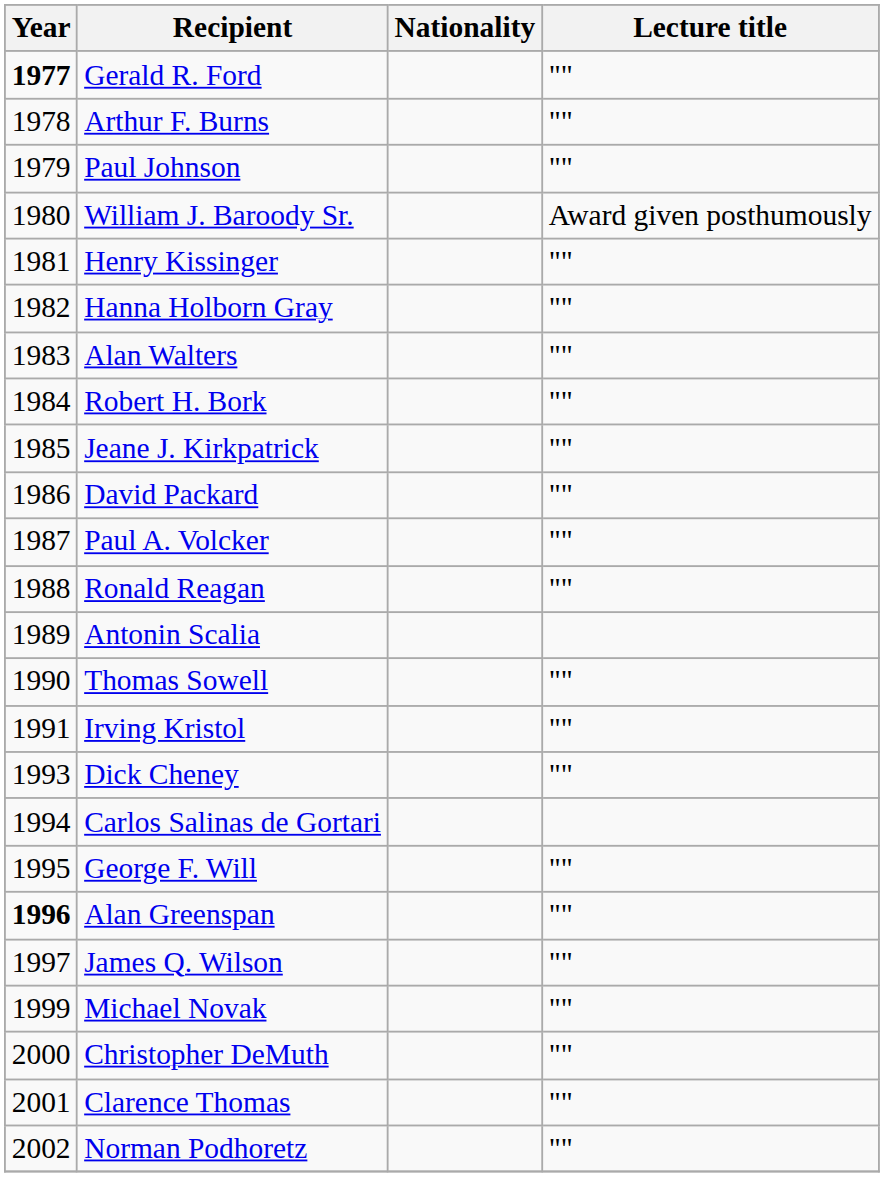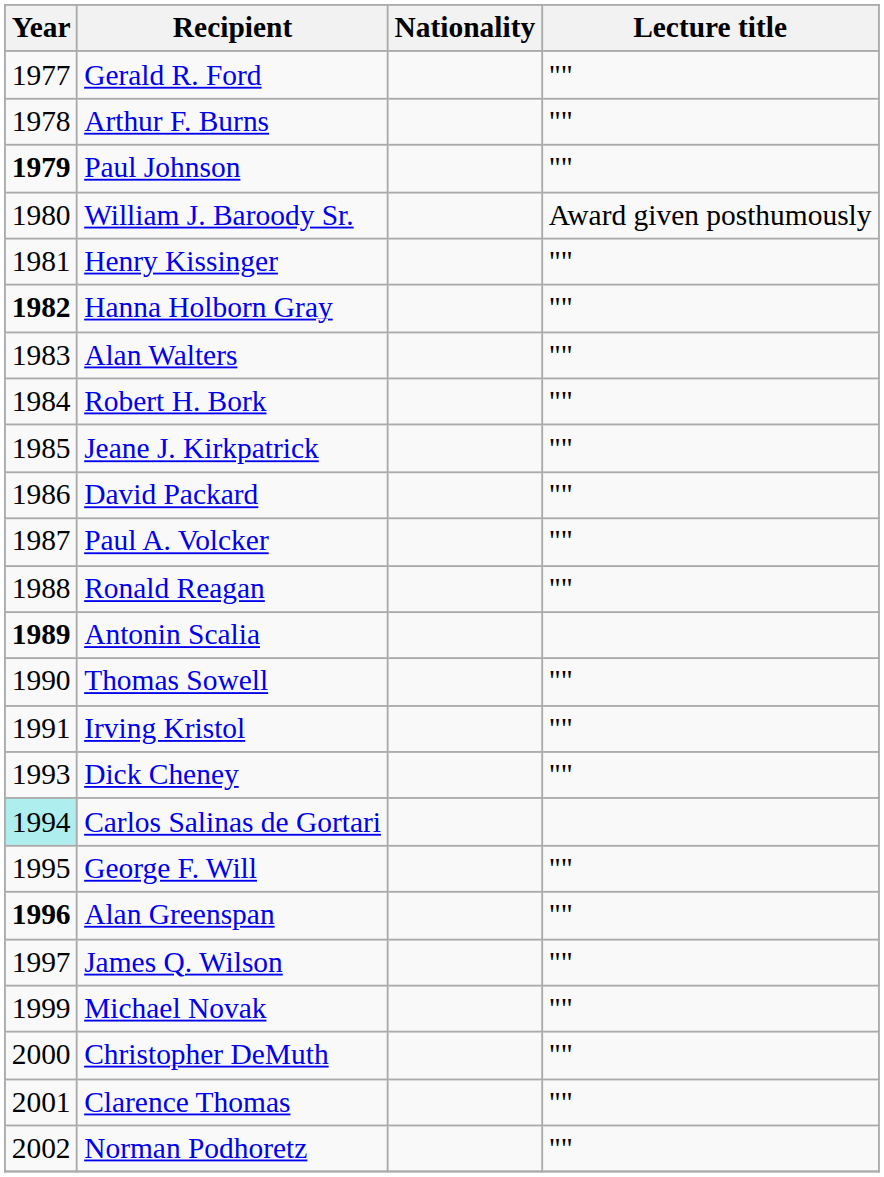 <table class="wikitable">
 <tr>
 <th>Year</th>
 <th>Recipient</th>
 <th>Nationality</th>
 <th>Lecture title</th>
 </tr>
 <tr>
-<td><strong>1977</strong></td>
+<td>1977</td>
 <td><a href='#'>Gerald R. Ford</a></td>
 <td></td>
 <td>""</td>
 </tr>
 <tr>
 <td>1978</td>
 <td><a href='#'>Arthur F. Burns</a></td>
 <td><br></td>
 <td>""</td>
 </tr>
 <tr>
-<td>1979</td>
+<td><strong>1979</strong></td>
 <td><a href='#'>Paul Johnson</a></td>
 <td></td>
 <td>""</td>
 </tr>
 <tr>
 <td>1980</td>
 <td><a href='#'>William J. Baroody Sr.</a></td>
 <td></td>
 <td>Award given posthumously</td>
 </tr>
 <tr>
 <td>1981</td>
 <td><a href='#'>Henry Kissinger</a></td>
 <td><br></td>
 <td>""</td>
 </tr>
 <tr>
-<td>1982</td>
+<td><strong>1982</strong></td>
 <td><a href='#'>Hanna Holborn Gray</a></td>
 <td></td>
 <td>""</td>
 </tr>
 <tr>
 <td>1983</td>
 <td><a href='#'>Alan Walters</a></td>
 <td></td>
 <td>""</td>
 </tr>
 <tr>
 <td>1984</td>
 <td><a href='#'>Robert H. Bork</a></td>
 <td></td>
 <td>""</td>
 </tr>
 <tr>
 <td>1985</td>
 <td><a href='#'>Jeane J. Kirkpatrick</a></td>
 <td></td>
 <td>""</td>
 </tr>
 <tr>
 <td>1986</td>
 <td><a href='#'>David Packard</a></td>
 <td></td>
 <td>""</td>
 </tr>
 <tr>
 <td>1987</td>
 <td><a href='#'>Paul A. Volcker</a></td>
 <td></td>
 <td>""</td>
 </tr>
 <tr>
 <td>1988</td>
 <td><a href='#'>Ronald Reagan</a></td>
 <td></td>
 <td>""</td>
 </tr>
 <tr>
-<td>1989</td>
+<td><strong>1989</strong></td>
 <td><a href='#'>Antonin Scalia</a></td>
 <td></td>
 <td></td>
 </tr>
 <tr>
 <td>1990</td>
 <td><a href='#'>Thomas Sowell</a></td>
 <td></td>
 <td>""</td>
 </tr>
 <tr>
 <td>1991</td>
 <td><a href='#'>Irving Kristol</a></td>
 <td></td>
 <td>""</td>
 </tr>
 <tr>
 <td>1993</td>
 <td><a href='#'>Dick Cheney</a></td>
 <td></td>
 <td>""</td>
 </tr>
 <tr>
-<td>1994</td>
+<td style="background: paleturquoise;">1994</td>
 <td><a href='#'>Carlos Salinas de Gortari</a></td>
 <td></td>
 <td></td>
 </tr>
 <tr>
 <td>1995</td>
 <td><a href='#'>George F. Will</a></td>
 <td></td>
 <td>""</td>
 </tr>
 <tr>
 <td><strong>1996</strong></td>
 <td><a href='#'>Alan Greenspan</a></td>
 <td></td>
 <td>""</td>
 </tr>
 <tr>
 <td>1997</td>
 <td><a href='#'>James Q. Wilson</a></td>
 <td></td>
 <td>""</td>
 </tr>
 <tr>
 <td>1999</td>
 <td><a href='#'>Michael Novak</a></td>
 <td></td>
 <td>""</td>
 </tr>
 <tr>
 <td>2000</td>
 <td><a href='#'>Christopher DeMuth</a></td>
 <td></td>
 <td>""</td>
 </tr>
 <tr>
 <td>2001</td>
 <td><a href='#'>Clarence Thomas</a></td>
 <td></td>
 <td>""</td>
 </tr>
 <tr>
 <td>2002</td>
 <td><a href='#'>Norman Podhoretz</a></td>
 <td></td>
 <td>""</td>
 </tr>
 <tr>
 </tr>
 </table>
